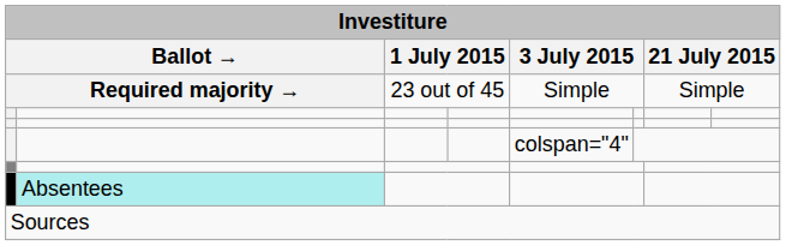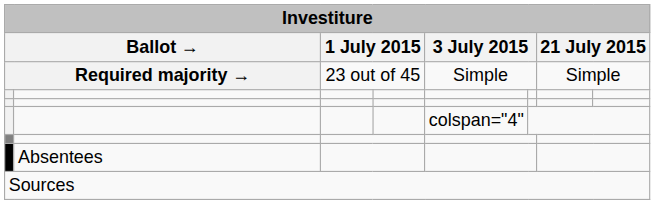 <table class="wikitable" style="text-align:center;">
 <tr bgcolor="#E9E9E9">
 <td colspan="8" align="center" bgcolor="#C0C0C0"><strong>Investiture</strong></td>
 </tr>
 <tr>
 <th colspan="2" width="275px">Ballot →</th>
 <th colspan="2">1 July 2015</th>
 <th colspan="2">3 July 2015</th>
 <th colspan="2">21 July 2015</th>
 </tr>
 <tr>
 <th colspan="2">Required majority →</th>
 <td colspan="2">23 out of 45</td>
 <td colspan="2">Simple</td>
 <td colspan="2">Simple</td>
 </tr>
 <tr>
 <th width="1px" style="background:"></th>
 <td align="left"></td>
 <td></td>
 <td></td>
 <td></td>
 <td></td>
 <td></td>
 <td></td>
 </tr>
 <tr>
 <th style="color:inherit;background:"></th>
 <td align="left"></td>
 <td></td>
 <td></td>
 <td></td>
 <td></td>
 <td></td>
 <td></td>
 </tr>
 <tr>
 <th style="color:inherit;background:"></th>
 <td align="left"></td>
 <td></td>
 <td></td>
 <td>colspan="4" </td>
 </tr>
 <tr>
 <th style="color:inherit;background:gray;"></th>
 <td align="left"></td>
 <td colspan="2"></td>
 <td colspan="2"></td>
 <td colspan="2"></td>
 </tr>
 <tr>
 <th style="color:inherit;background:black;"></th>
-<td align="left" style="background: paleturquoise;"><span>Absentees</span></td>
+<td align="left"><span>Absentees</span></td>
 <td colspan="2"></td>
 <td colspan="2"></td>
 <td colspan="2"></td>
 </tr>
 <tr>
 <td align="left" colspan="8">Sources</td>
 </tr>
 </table>
